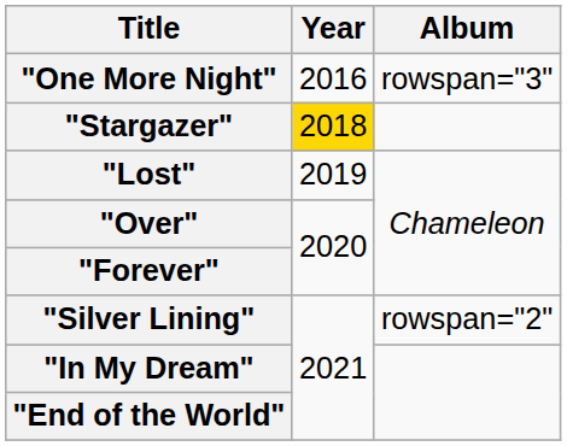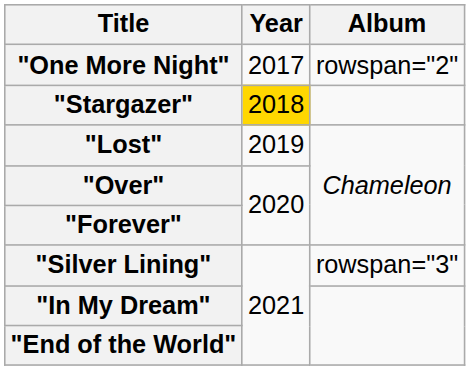 <table class="wikitable plainrowheaders" style="text-align:center;">
 <tr>
 <th scope="col">Title</th>
 <th scope="col">Year</th>
 <th scope="col">Album</th>
 </tr>
 <tr>
 <th scope="row">"One More Night"</th>
-<td>2016</td>
-<td>rowspan="3" </td>
+<td>2017</td>
+<td>rowspan="2" </td>
 </tr>
 <tr>
 <th scope="row">"Stargazer"</th>
 <td style="background: gold;">2018</td>
 </tr>
 <tr>
 <th scope="row">"Lost"<br></th>
 <td>2019</td>
 <td rowspan="3"><em>Chameleon</em></td>
 </tr>
 <tr>
 <th scope="row">"Over"<br></th>
 <td rowspan="2">2020</td>
 </tr>
 <tr>
 <th scope="row">"Forever"<br></th>
 </tr>
 <tr>
 <th scope="row">"Silver Lining"<br></th>
 <td rowspan="3">2021</td>
-<td>rowspan="2" </td>
+<td>rowspan="3" </td>
 </tr>
 <tr>
 <th scope="row">"In My Dream"</th>
 </tr>
 <tr>
 <th scope="row">"End of the World"<br></th>
 </tr>
 </table>
